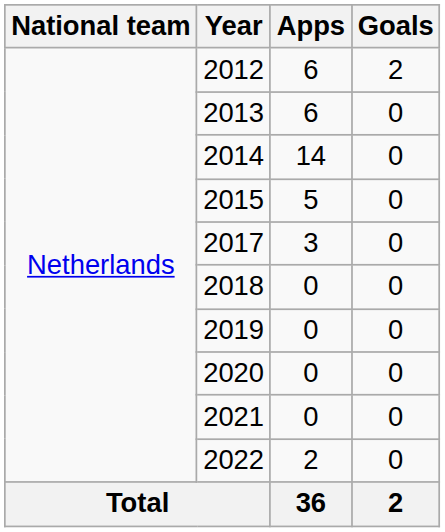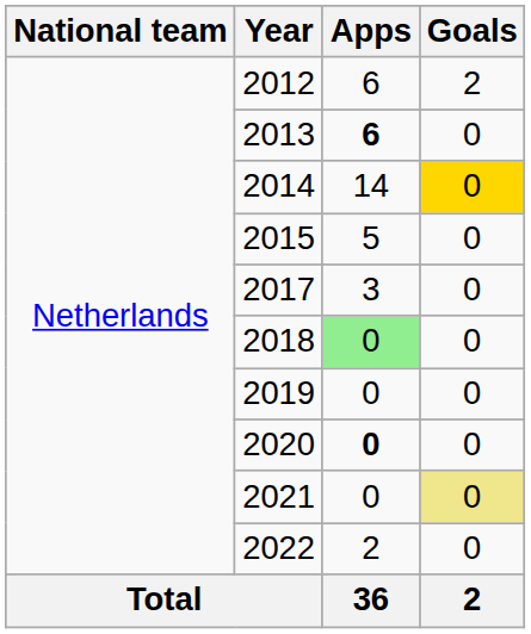 <table class="wikitable" style="text-align:center">
 <tr>
 <th>National team</th>
 <th>Year</th>
 <th>Apps</th>
 <th>Goals</th>
 </tr>
 <tr>
 <td rowspan="10"><a href='#'>Netherlands</a></td>
 <td>2012</td>
 <td>6</td>
 <td>2</td>
 </tr>
 <tr>
 <td>2013</td>
-<td>6</td>
+<td><strong>6</strong></td>
 <td>0</td>
 </tr>
 <tr>
 <td>2014</td>
 <td>14</td>
-<td>0</td>
+<td style="background: gold;">0</td>
 </tr>
 <tr>
 <td>2015</td>
 <td>5</td>
 <td>0</td>
 </tr>
 <tr>
 <td>2017</td>
 <td>3</td>
 <td>0</td>
 </tr>
 <tr>
 <td>2018</td>
-<td>0</td>
+<td style="background: lightgreen;">0</td>
 <td>0</td>
 </tr>
 <tr>
 <td>2019</td>
 <td>0</td>
 <td>0</td>
 </tr>
 <tr>
 <td>2020</td>
-<td>0</td>
+<td><strong>0</strong></td>
 <td>0</td>
 </tr>
 <tr>
 <td>2021</td>
 <td>0</td>
-<td>0</td>
+<td style="background: khaki;">0</td>
 </tr>
 <tr>
 <td>2022</td>
 <td>2</td>
 <td>0</td>
 </tr>
 <tr>
 <th colspan="2">Total</th>
 <th>36</th>
 <th>2</th>
 </tr>
 </table>
